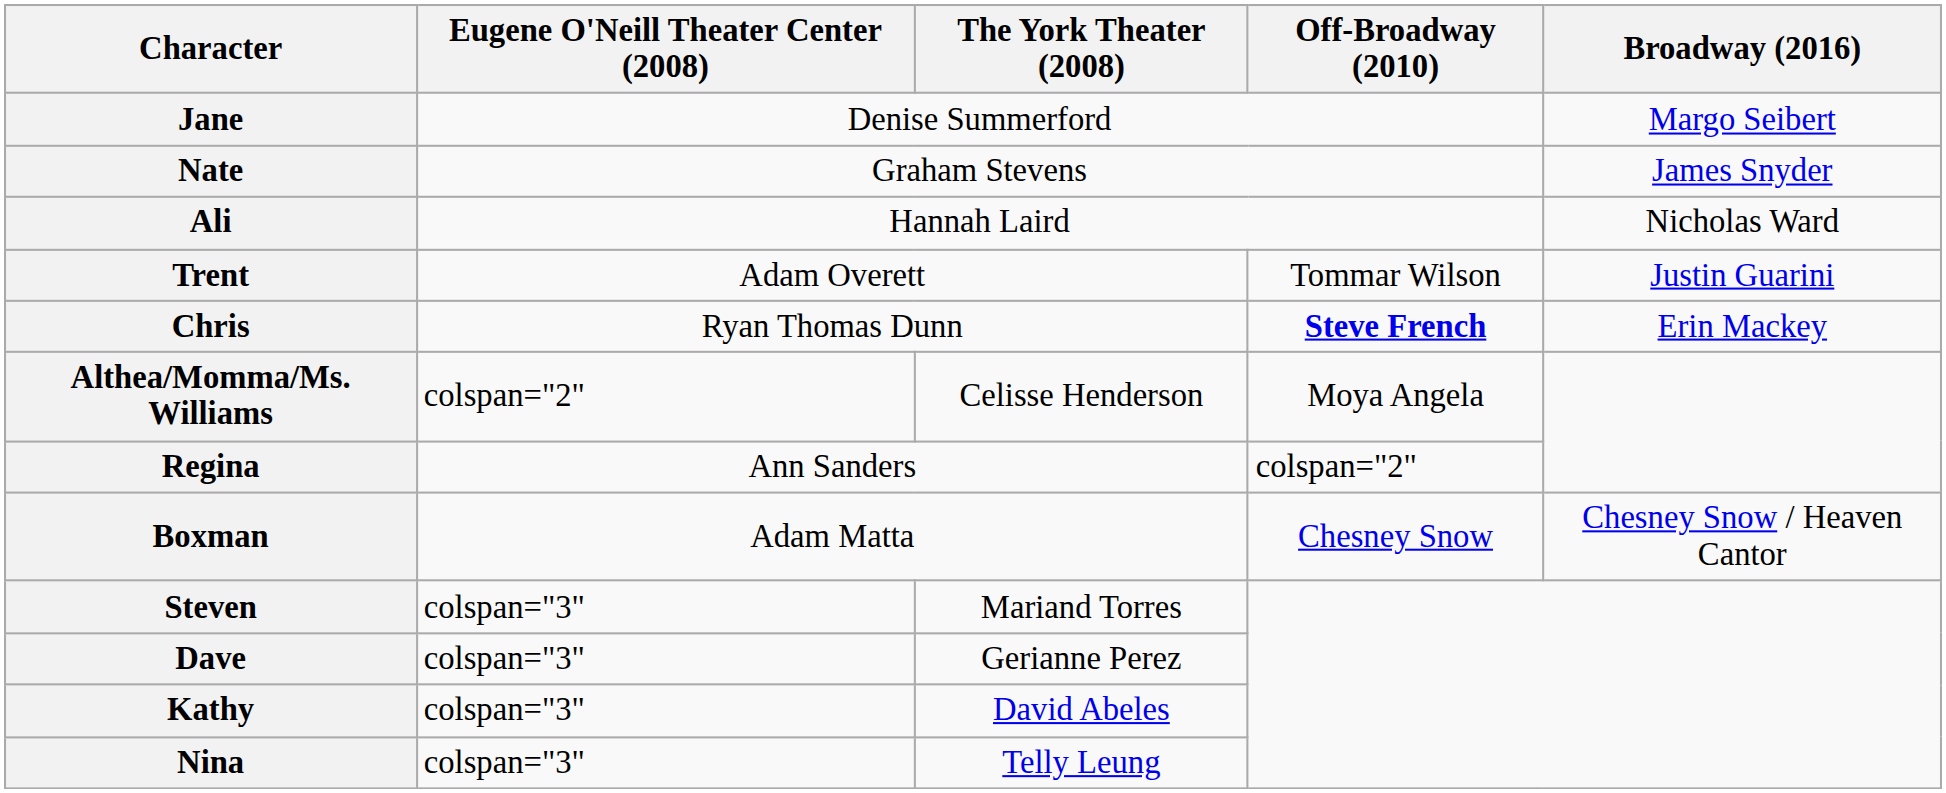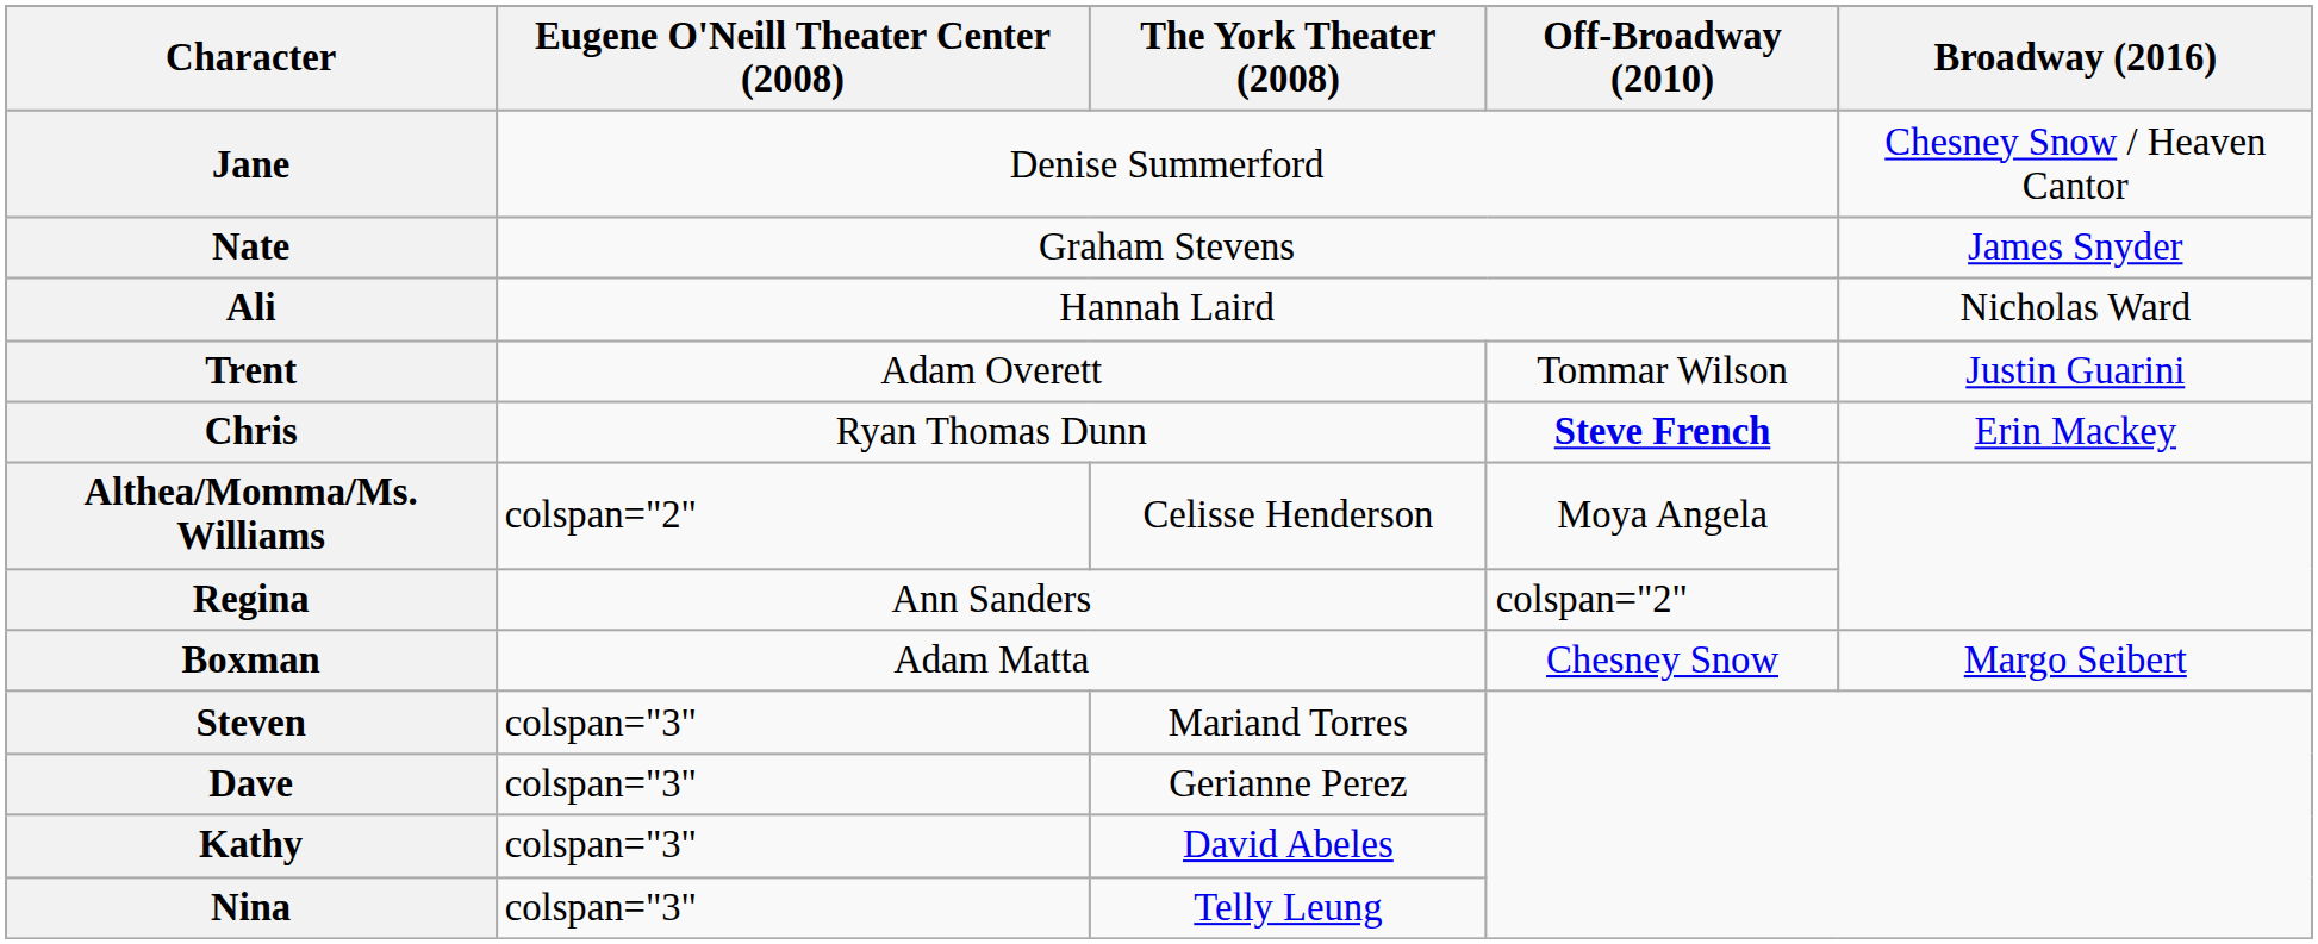 <table class="wikitable sortable" style="width:60%">
 <tr>
 <th>Character</th>
 <th>Eugene O'Neill Theater Center (2008)</th>
 <th>The York Theater (2008)</th>
 <th>Off-Broadway (2010)</th>
 <th>Broadway (2016)</th>
 </tr>
 <tr>
 <th>Jane</th>
 <td colspan="3" align="center">Denise Summerford</td>
-<td align="center"><a href='#'>Margo Seibert</a></td>
+<td align="center"><a href='#'>Chesney Snow</a> / Heaven Cantor</td>
 </tr>
 <tr>
 <th>Nate</th>
 <td colspan="3" align="center">Graham Stevens</td>
 <td align="center"><a href='#'>James Snyder</a></td>
 </tr>
 <tr>
 <th>Ali</th>
 <td colspan="3" align="center">Hannah Laird</td>
 <td align="center">Nicholas Ward</td>
 </tr>
 <tr>
 <th>Trent</th>
 <td colspan="2" align="center">Adam Overett</td>
 <td align="center">Tommar Wilson</td>
 <td align="center"><a href='#'>Justin Guarini</a></td>
 </tr>
 <tr>
 <th>Chris</th>
 <td colspan="2" align="center">Ryan Thomas Dunn</td>
 <td align="center"><strong><a href='#'>Steve French</a></strong></td>
 <td align="center"><a href='#'>Erin Mackey</a></td>
 </tr>
 <tr>
 <th>Althea/Momma/Ms. Williams</th>
 <td>colspan="2" </td>
 <td align="center">Celisse Henderson</td>
 <td align="center">Moya Angela</td>
 </tr>
 <tr>
 <th>Regina</th>
 <td colspan="2" align="center">Ann Sanders</td>
 <td>colspan="2" </td>
 </tr>
 <tr>
 <th>Boxman</th>
 <td colspan="2" align="center">Adam Matta</td>
 <td align="center"><a href='#'>Chesney Snow</a></td>
-<td align="center"><a href='#'>Chesney Snow</a> / Heaven Cantor</td>
+<td align="center"><a href='#'>Margo Seibert</a></td>
 </tr>
 <tr>
 <th>Steven</th>
 <td>colspan="3" </td>
 <td align="center">Mariand Torres</td>
 </tr>
 <tr>
 <th>Dave</th>
 <td>colspan="3" </td>
 <td align="center">Gerianne Perez</td>
 </tr>
 <tr>
 <th>Kathy</th>
 <td>colspan="3" </td>
 <td align="center"><a href='#'>David Abeles</a></td>
 </tr>
 <tr>
 <th>Nina</th>
 <td>colspan="3" </td>
 <td align="center"><a href='#'>Telly Leung</a></td>
 </tr>
 </table>
